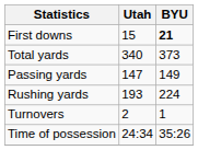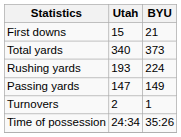 <table class="wikitable">
 <tr>
 <th>Statistics</th>
 <th>Utah</th>
 <th>BYU</th>
 </tr>
 <tr>
 <td>First downs</td>
 <td>15</td>
-<td><strong>21</strong></td>
+<td>21</td>
 </tr>
 <tr>
 <td>Total yards</td>
 <td>340</td>
 <td>373</td>
 </tr>
 <tr>
+<td>Rushing yards</td>
+<td>193</td>
+<td>224</td>
+</tr>
+<tr>
 <td>Passing yards</td>
 <td>147</td>
 <td>149</td>
-</tr>
-<tr>
-<td>Rushing yards</td>
-<td>193</td>
-<td>224</td>
 </tr>
 <tr>
 <td>Turnovers</td>
 <td>2</td>
 <td>1</td>
 </tr>
 <tr>
 <td>Time of possession</td>
 <td>24:34</td>
 <td>35:26</td>
 </tr>
 <tr>
 </tr>
 </table>
